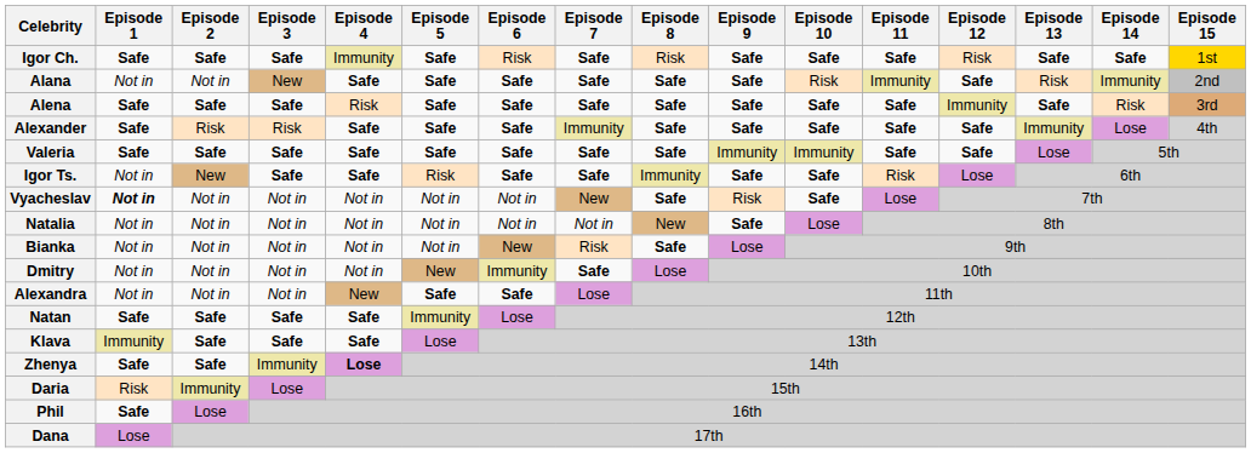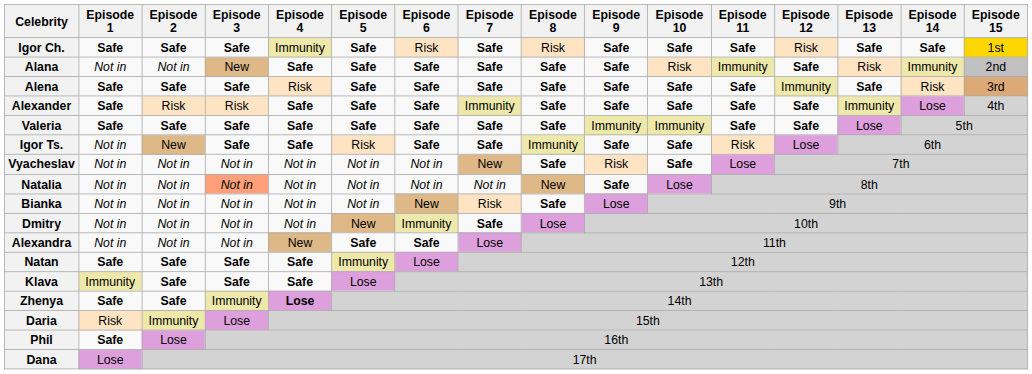 <table class="wikitable" style="text-align:center; font-size:95%; width:100%;">
 <tr>
 <th style="width:6%">Celebrity</th>
 <th style="width:6%">Episode 1</th>
 <th style="width:6%">Episode 2</th>
 <th style="width:6%">Episode 3</th>
 <th style="width:6%">Episode 4</th>
 <th style="width:6%">Episode 5</th>
 <th style="width:6%">Episode 6</th>
 <th style="width:6%">Episode 7</th>
 <th style="width:6%">Episode 8</th>
 <th style="width:6%">Episode 9</th>
 <th style="width:6%">Episode 10</th>
 <th style="width:6%">Episode 11</th>
 <th style="width:6%">Episode 12</th>
 <th style="width:6%">Episode 13</th>
 <th style="width:6%">Episode 14</th>
 <th style="width:6%">Episode 15</th>
 </tr>
 <tr>
 <th>Igor Ch.</th>
 <td><strong>Safe</strong></td>
 <td><strong>Safe</strong></td>
 <td><strong>Safe</strong></td>
 <td style="background:#EEE8AA">Immunity</td>
 <td><strong>Safe</strong></td>
 <td style="background:#FFE4C4">Risk</td>
 <td><strong>Safe</strong></td>
 <td style="background:#FFE4C4">Risk</td>
 <td><strong>Safe</strong></td>
 <td><strong>Safe</strong></td>
 <td><strong>Safe</strong></td>
 <td style="background:#FFE4C4">Risk</td>
 <td><strong>Safe</strong></td>
 <td><strong>Safe</strong></td>
 <td style="background:gold">1st</td>
 </tr>
 <tr>
 <th>Alana</th>
 <td><em>Not in</em></td>
 <td><em>Not in</em></td>
 <td style="background:#DEB887">New</td>
 <td><strong>Safe</strong></td>
 <td><strong>Safe</strong></td>
 <td><strong>Safe</strong></td>
 <td><strong>Safe</strong></td>
 <td><strong>Safe</strong></td>
 <td><strong>Safe</strong></td>
 <td style="background:#FFE4C4">Risk</td>
 <td style="background:#EEE8AA">Immunity</td>
 <td><strong>Safe</strong></td>
 <td style="background:#FFE4C4">Risk</td>
 <td style="background:#EEE8AA">Immunity</td>
 <td style="background:silver">2nd</td>
 </tr>
 <tr>
 <th>Alena</th>
 <td><strong>Safe</strong></td>
 <td><strong>Safe</strong></td>
 <td><strong>Safe</strong></td>
 <td style="background:#FFE4C4">Risk</td>
 <td><strong>Safe</strong></td>
 <td><strong>Safe</strong></td>
 <td><strong>Safe</strong></td>
 <td><strong>Safe</strong></td>
 <td><strong>Safe</strong></td>
 <td><strong>Safe</strong></td>
 <td><strong>Safe</strong></td>
 <td style="background:#EEE8AA">Immunity</td>
 <td><strong>Safe</strong></td>
 <td style="background:#FFE4C4">Risk</td>
 <td style="background:#da7">3rd</td>
 </tr>
 <tr>
 <th>Alexander</th>
 <td><strong>Safe</strong></td>
 <td style="background:#FFE4C4">Risk</td>
 <td style="background:#FFE4C4">Risk</td>
 <td><strong>Safe</strong></td>
 <td><strong>Safe</strong></td>
 <td><strong>Safe</strong></td>
 <td style="background:#EEE8AA">Immunity</td>
 <td><strong>Safe</strong></td>
 <td><strong>Safe</strong></td>
 <td><strong>Safe</strong></td>
 <td><strong>Safe</strong></td>
 <td><strong>Safe</strong></td>
 <td style="background:#EEE8AA">Immunity</td>
 <td style="background:#DDA0DD">Lose</td>
 <td style="background:lightgrey" colspan=1>4th</td>
 </tr>
 <tr>
 <th>Valeria</th>
 <td><strong>Safe</strong></td>
 <td><strong>Safe</strong></td>
 <td><strong>Safe</strong></td>
 <td><strong>Safe</strong></td>
 <td><strong>Safe</strong></td>
 <td><strong>Safe</strong></td>
 <td><strong>Safe</strong></td>
 <td><strong>Safe</strong></td>
 <td style="background:#EEE8AA">Immunity</td>
 <td style="background:#EEE8AA">Immunity</td>
 <td><strong>Safe</strong></td>
 <td><strong>Safe</strong></td>
 <td style="background:#DDA0DD">Lose</td>
 <td style="background:lightgrey" colspan=2>5th</td>
 </tr>
 <tr>
 <th>Igor Ts.</th>
 <td><em>Not in</em></td>
 <td style="background:#DEB887">New</td>
 <td><strong>Safe</strong></td>
 <td><strong>Safe</strong></td>
 <td style="background:#FFE4C4">Risk</td>
 <td><strong>Safe</strong></td>
 <td><strong>Safe</strong></td>
 <td style="background:#EEE8AA">Immunity</td>
 <td><strong>Safe</strong></td>
 <td><strong>Safe</strong></td>
 <td style="background:#FFE4C4">Risk</td>
 <td style="background:#DDA0DD">Lose</td>
 <td style="background:lightgrey" colspan=3>6th</td>
 </tr>
 <tr>
 <th>Vyacheslav</th>
-<td><strong><em>Not in</em></strong></td>
+<td><em>Not in</em></td>
 <td><em>Not in</em></td>
 <td><em>Not in</em></td>
 <td><em>Not in</em></td>
 <td><em>Not in</em></td>
 <td><em>Not in</em></td>
 <td style="background:#DEB887">New</td>
 <td><strong>Safe</strong></td>
 <td style="background:#FFE4C4">Risk</td>
 <td><strong>Safe</strong></td>
 <td style="background:#DDA0DD">Lose</td>
 <td style="background:lightgrey" colspan=4>7th</td>
 </tr>
 <tr>
 <th>Natalia</th>
 <td><em>Not in</em></td>
 <td><em>Not in</em></td>
-<td><em>Not in</em></td>
+<td style="background: lightsalmon;"><em>Not in</em></td>
 <td><em>Not in</em></td>
 <td><em>Not in</em></td>
 <td><em>Not in</em></td>
 <td><em>Not in</em></td>
 <td style="background:#DEB887">New</td>
 <td><strong>Safe</strong></td>
 <td style="background:#DDA0DD">Lose</td>
 <td style="background:lightgrey" colspan=5>8th</td>
 </tr>
 <tr>
 <th>Bianka</th>
 <td><em>Not in</em></td>
 <td><em>Not in</em></td>
 <td><em>Not in</em></td>
 <td><em>Not in</em></td>
 <td><em>Not in</em></td>
 <td style="background:#DEB887">New</td>
 <td style="background:#FFE4C4">Risk</td>
 <td><strong>Safe</strong></td>
 <td style="background:#DDA0DD">Lose</td>
 <td style="background:lightgrey" colspan=6>9th</td>
 </tr>
 <tr>
 <th>Dmitry</th>
 <td><em>Not in</em></td>
 <td><em>Not in</em></td>
 <td><em>Not in</em></td>
 <td><em>Not in</em></td>
 <td style="background:#DEB887">New</td>
 <td style="background:#EEE8AA">Immunity</td>
 <td><strong>Safe</strong></td>
 <td style="background:#DDA0DD">Lose</td>
 <td style="background:lightgrey" colspan=7>10th</td>
 </tr>
 <tr>
 <th>Alexandra</th>
 <td><em>Not in</em></td>
 <td><em>Not in</em></td>
 <td><em>Not in</em></td>
 <td style="background:#DEB887">New</td>
 <td><strong>Safe</strong></td>
 <td><strong>Safe</strong></td>
 <td style="background:#DDA0DD">Lose</td>
 <td style="background:lightgrey" colspan=8>11th</td>
 </tr>
 <tr>
 <th>Natan</th>
 <td><strong>Safe</strong></td>
 <td><strong>Safe</strong></td>
 <td><strong>Safe</strong></td>
 <td><strong>Safe</strong></td>
 <td style="background:#EEE8AA">Immunity</td>
 <td style="background:#DDA0DD">Lose</td>
 <td style="background:lightgrey" colspan=9>12th</td>
 </tr>
 <tr>
 <th>Klava</th>
 <td style="background:#EEE8AA">Immunity</td>
 <td><strong>Safe</strong></td>
 <td><strong>Safe</strong></td>
 <td><strong>Safe</strong></td>
 <td style="background:#DDA0DD">Lose</td>
 <td style="background:lightgrey" colspan=10>13th</td>
 </tr>
 <tr>
 <th>Zhenya</th>
 <td><strong>Safe</strong></td>
 <td><strong>Safe</strong></td>
 <td style="background:#EEE8AA">Immunity</td>
 <td style="background:#DDA0DD"><strong>Lose</strong></td>
 <td style="background:lightgrey" colspan=11>14th</td>
 </tr>
 <tr>
 <th>Daria</th>
 <td style="background:#FFE4C4">Risk</td>
 <td style="background:#EEE8AA">Immunity</td>
 <td style="background:#DDA0DD">Lose</td>
 <td style="background:lightgrey" colspan=12>15th</td>
 </tr>
 <tr>
 <th>Phil</th>
 <td><strong>Safe</strong></td>
 <td style="background:#DDA0DD">Lose</td>
 <td style="background:lightgrey" colspan=13>16th</td>
 </tr>
 <tr>
 <th>Dana</th>
 <td style="background:#DDA0DD">Lose</td>
 <td style="background:lightgrey" colspan=14>17th</td>
 </tr>
 </table>
